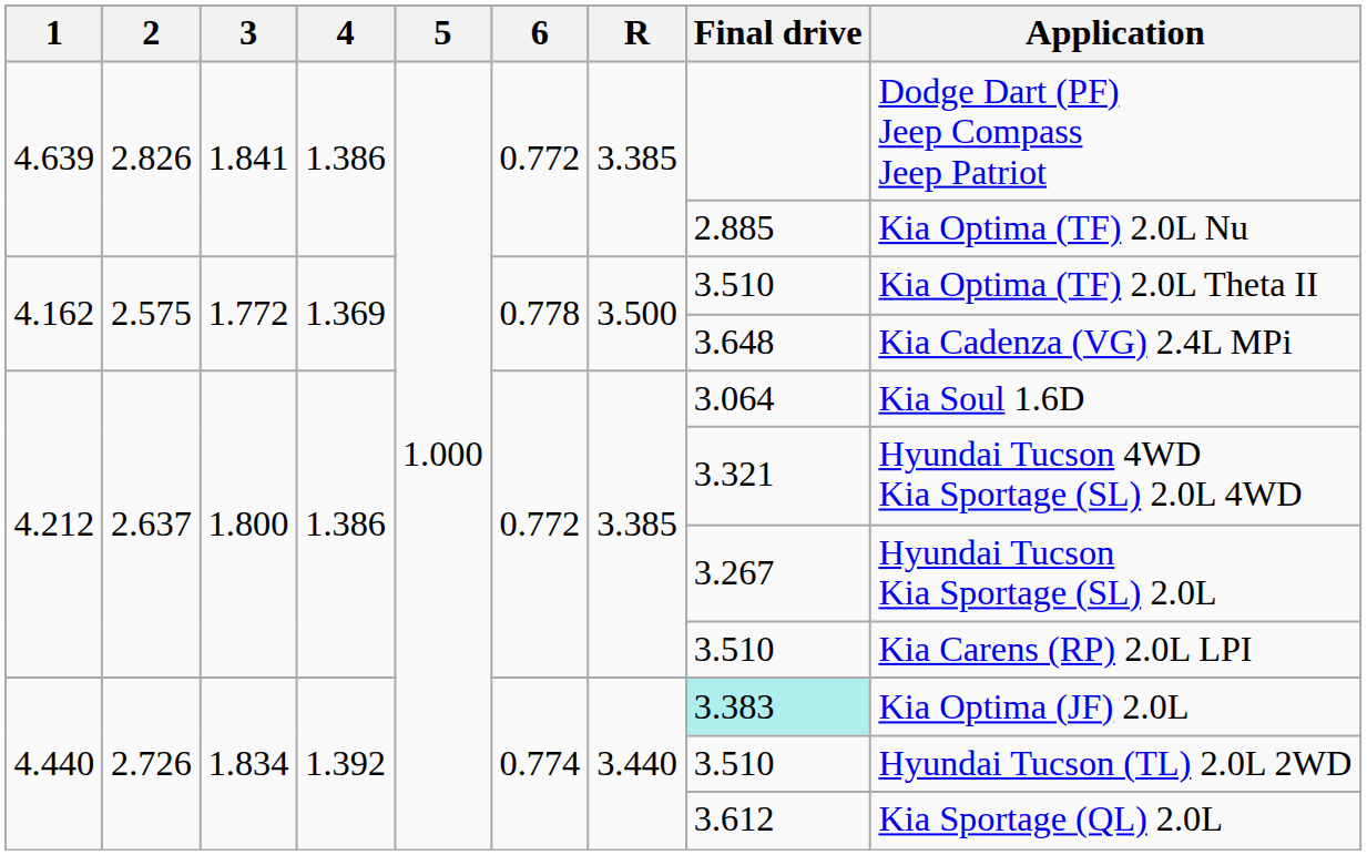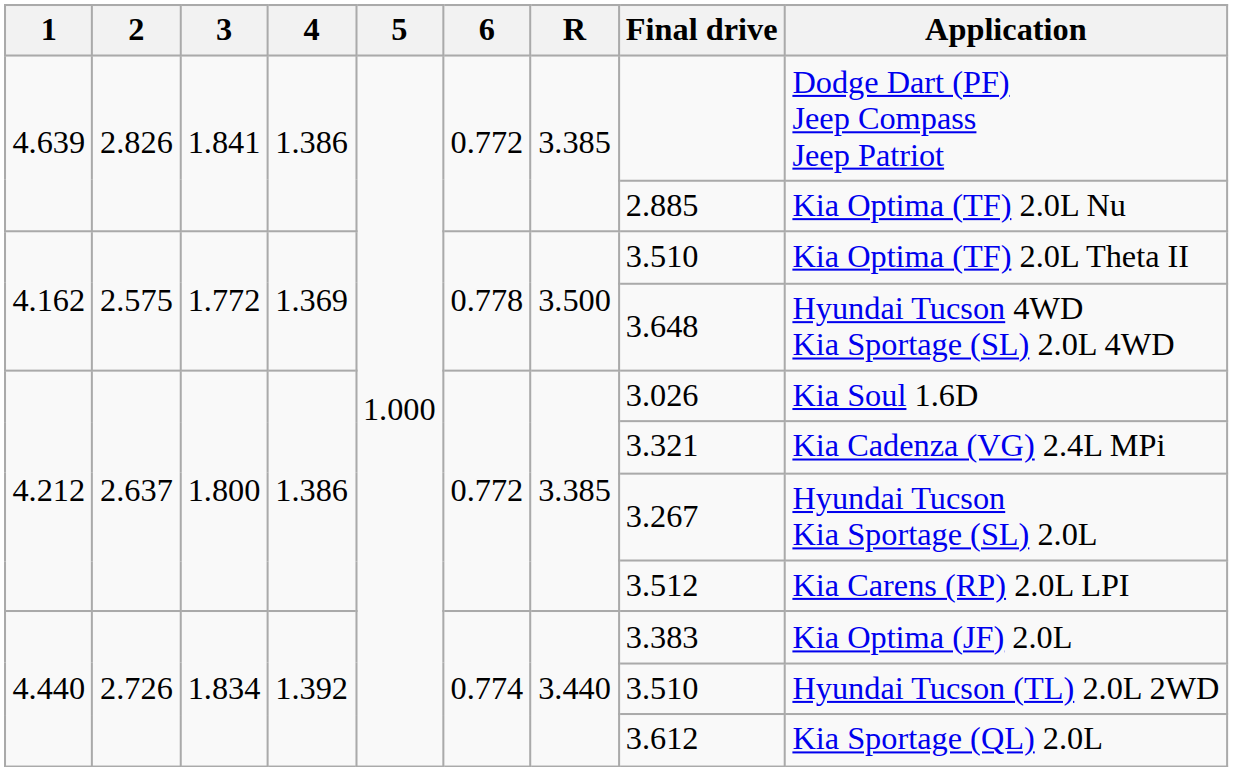 <table class=wikitable>
 <tr>
 <th>1</th>
 <th>2</th>
 <th>3</th>
 <th>4</th>
 <th>5</th>
 <th>6</th>
 <th>R</th>
 <th>Final drive</th>
 <th>Application</th>
 </tr>
 <tr>
 <td rowspan=2>4.639</td>
 <td rowspan=2>2.826</td>
 <td rowspan=2>1.841</td>
 <td rowspan=2>1.386</td>
 <td rowspan=11>1.000</td>
 <td rowspan=2>0.772</td>
 <td rowspan=2>3.385</td>
 <td></td>
 <td><a href='#'>Dodge Dart (PF)</a><br><a href='#'>Jeep Compass</a><br><a href='#'>Jeep Patriot</a></td>
 </tr>
 <tr>
 <td>2.885</td>
 <td><a href='#'>Kia Optima (TF)</a> 2.0L Nu</td>
 </tr>
 <tr>
 <td rowspan=2>4.162</td>
 <td rowspan=2>2.575</td>
 <td rowspan=2>1.772</td>
 <td rowspan=2>1.369</td>
 <td rowspan=2>0.778</td>
 <td rowspan=2>3.500</td>
 <td>3.510</td>
 <td><a href='#'>Kia Optima (TF)</a> 2.0L Theta II</td>
 </tr>
 <tr>
 <td>3.648</td>
-<td><a href='#'>Kia Cadenza (VG)</a> 2.4L MPi</td>
+<td><a href='#'>Hyundai Tucson</a> 4WD<br><a href='#'>Kia Sportage (SL)</a> 2.0L 4WD</td>
 </tr>
 <tr>
 <td rowspan=4>4.212</td>
 <td rowspan=4>2.637</td>
 <td rowspan=4>1.800</td>
 <td rowspan=4>1.386</td>
 <td rowspan=4>0.772</td>
 <td rowspan=4>3.385</td>
-<td>3.064</td>
+<td>3.026</td>
 <td><a href='#'>Kia Soul</a> 1.6D</td>
 </tr>
 <tr>
 <td>3.321</td>
-<td><a href='#'>Hyundai Tucson</a> 4WD<br><a href='#'>Kia Sportage (SL)</a> 2.0L 4WD</td>
+<td><a href='#'>Kia Cadenza (VG)</a> 2.4L MPi</td>
 </tr>
 <tr>
 <td>3.267</td>
 <td><a href='#'>Hyundai Tucson</a><br><a href='#'>Kia Sportage (SL)</a> 2.0L</td>
 </tr>
 <tr>
-<td>3.510</td>
+<td>3.512</td>
 <td><a href='#'>Kia Carens (RP)</a> 2.0L LPI</td>
 </tr>
 <tr>
 <td rowspan=3>4.440</td>
 <td rowspan=3>2.726</td>
 <td rowspan=3>1.834</td>
 <td rowspan=3>1.392</td>
 <td rowspan=3>0.774</td>
 <td rowspan=3>3.440</td>
-<td style="background: paleturquoise;">3.383</td>
+<td>3.383</td>
 <td><a href='#'>Kia Optima (JF)</a> 2.0L</td>
 </tr>
 <tr>
 <td>3.510</td>
 <td><a href='#'>Hyundai Tucson (TL)</a> 2.0L 2WD</td>
 </tr>
 <tr>
 <td>3.612</td>
 <td><a href='#'>Kia Sportage (QL)</a> 2.0L</td>
 </tr>
 </table>
